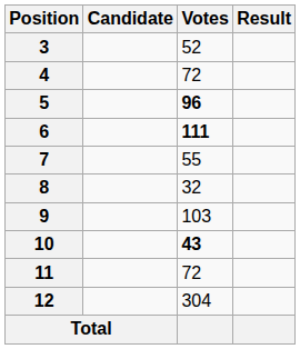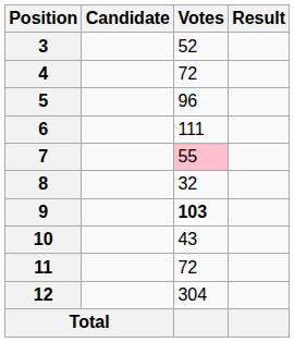 <table class="wikitable sortable col3right">
 <tr>
 <th scope="col">Position</th>
 <th scope="col">Candidate</th>
 <th scope="col">Votes</th>
 <th scope="col">Result</th>
 </tr>
 <tr>
 <th scope="row">3</th>
 <td></td>
 <td>52</td>
 <td></td>
 </tr>
 <tr>
 <th scope="row">4</th>
 <td></td>
 <td>72</td>
 <td></td>
 </tr>
 <tr>
 <th scope="row">5</th>
 <td></td>
-<td><strong>96</strong></td>
+<td>96</td>
 <td></td>
 </tr>
 <tr>
 <th scope="row">6</th>
 <td></td>
-<td><strong>111</strong></td>
+<td>111</td>
 <td></td>
 </tr>
 <tr>
 <th scope="row">7</th>
 <td></td>
-<td>55</td>
+<td style="background: pink;">55</td>
 <td></td>
 </tr>
 <tr>
 <th scope="row">8</th>
 <td></td>
 <td>32</td>
 <td></td>
 </tr>
 <tr>
 <th scope="row">9</th>
 <td></td>
-<td>103</td>
+<td><strong>103</strong></td>
 <td></td>
 </tr>
 <tr>
 <th scope="row">10</th>
 <td></td>
-<td><strong>43</strong></td>
+<td>43</td>
 <td></td>
 </tr>
 <tr>
 <th scope="row">11</th>
 <td></td>
 <td>72</td>
 <td></td>
 </tr>
 <tr>
 <th scope="row">12</th>
 <td></td>
 <td>304</td>
 <td></td>
 </tr>
 <tr class="sortbottom">
 <th scope="row" colspan="2">Total</th>
 <th></th>
 <th></th>
 </tr>
 </table>
